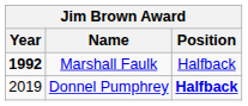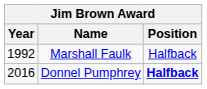 <table class="wikitable">
 <tr align="center">
 <th colspan=5>Jim Brown Award</th>
 </tr>
 <tr>
 <th>Year</th>
 <th>Name</th>
 <th>Position</th>
 </tr>
 <tr align="center" bgcolor="">
-<td><strong>1992</strong></td>
+<td>1992</td>
 <td><a href='#'>Marshall Faulk</a></td>
 <td><a href='#'>Halfback</a></td>
 </tr>
 <tr align="center" bgcolor="">
-<td>2019</td>
+<td>2016</td>
 <td><a href='#'>Donnel Pumphrey</a></td>
 <td><strong><a href='#'>Halfback</a></strong></td>
 </tr>
 </table>
